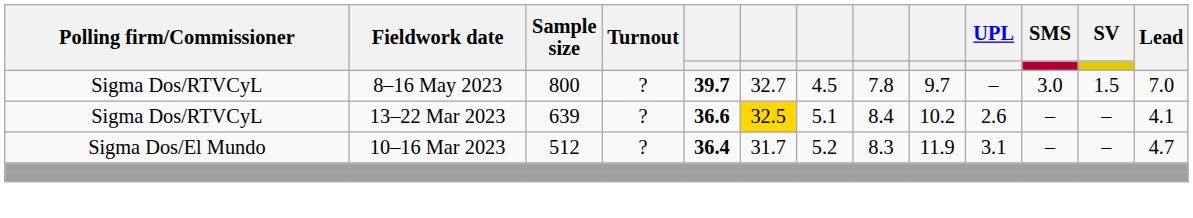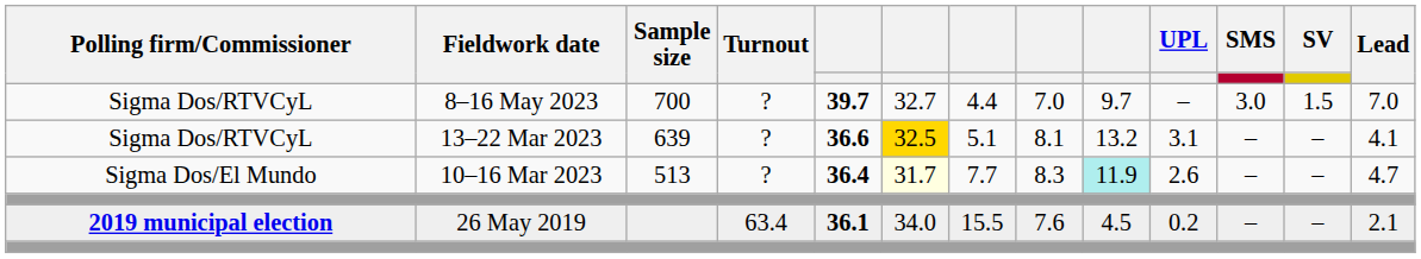 <table class="wikitable collapsible collapsed" style="text-align:center; font-size:95%; line-height:16px;">
 <tr style="height:42px;">
 <th style="width:250px;" rowspan="2">Polling firm/Commissioner</th>
 <th style="width:125px;" rowspan="2">Fieldwork date</th>
 <th style="width:50px;" rowspan="2">Sample size</th>
 <th style="width:45px;" rowspan="2">Turnout</th>
 <th style="width:35px;"></th>
 <th style="width:35px;"></th>
 <th style="width:35px;"></th>
 <th style="width:35px;"></th>
 <th style="width:35px;"></th>
 <th style="width:35px;"><a href='#'>UPL</a></th>
 <th style="width:35px;">SMS</th>
 <th style="width:35px;">SV</th>
 <th style="width:30px;" rowspan="2">Lead</th>
 </tr>
 <tr>
 <th style="color:inherit;background:"></th>
 <th style="color:inherit;background:"></th>
 <th style="color:inherit;background:"></th>
 <th style="color:inherit;background:"></th>
 <th style="color:inherit;background:"></th>
 <th style="color:inherit;background:"></th>
 <th style="color:inherit;background:#B40030;"></th>
 <th style="color:inherit;background:#E1CA00;"></th>
 </tr>
 <tr>
 <td>Sigma Dos/RTVCyL</td>
 <td>8–16 May 2023</td>
-<td>800</td>
+<td>700</td>
 <td>?</td>
 <td><strong>39.7</strong><br></td>
 <td>32.7<br></td>
-<td>4.5<br></td>
-<td>7.8<br></td>
+<td>4.4<br></td>
+<td>7.0<br></td>
 <td>9.7<br></td>
 <td>–</td>
 <td>3.0<br></td>
 <td>1.5<br></td>
 <td style="background:">7.0</td>
 </tr>
 <tr>
 <td>Sigma Dos/RTVCyL</td>
 <td>13–22 Mar 2023</td>
 <td>639</td>
 <td>?</td>
 <td><strong>36.6</strong><br></td>
 <td style="background: gold;">32.5<br></td>
 <td>5.1<br></td>
-<td>8.4<br></td>
-<td>10.2<br></td>
-<td>2.6<br></td>
+<td>8.1<br></td>
+<td>13.2<br></td>
+<td>3.1<br></td>
 <td>–</td>
 <td>–</td>
 <td style="background:">4.1</td>
 </tr>
 <tr>
 <td>Sigma Dos/El Mundo</td>
 <td>10–16 Mar 2023</td>
-<td>512</td>
+<td>513</td>
 <td>?</td>
 <td><strong>36.4</strong><br></td>
-<td>31.7<br></td>
-<td>5.2<br></td>
+<td style="background: lightyellow;">31.7<br></td>
+<td>7.7<br></td>
 <td>8.3<br></td>
-<td>11.9<br></td>
-<td>3.1<br></td>
+<td style="background: paleturquoise;">11.9<br></td>
+<td>2.6<br></td>
 <td>–</td>
 <td>–</td>
 <td style="background:">4.7</td>
 </tr>
 <tr>
 <td colspan="13" style="background:#A0A0A0"></td>
 </tr>
+<tr style="background:#EFEFEF;">
+<td><strong><a href='#'>2019 municipal election</a></strong></td>
+<td>26 May 2019</td>
+<td></td>
+<td>63.4</td>
+<td><strong>36.1</strong><br></td>
+<td>34.0<br></td>
+<td>15.5<br></td>
+<td>7.6<br></td>
+<td>4.5<br></td>
+<td>0.2<br></td>
+<td>–</td>
+<td>–</td>
+<td style="background:">2.1</td>
+</tr>
 <tr>
 <td colspan="13" style="background:#A0A0A0"></td>
 </tr>
 </table>
